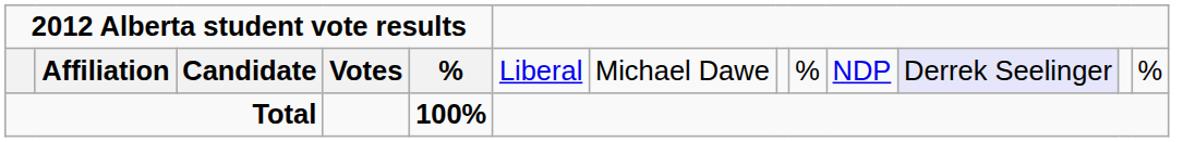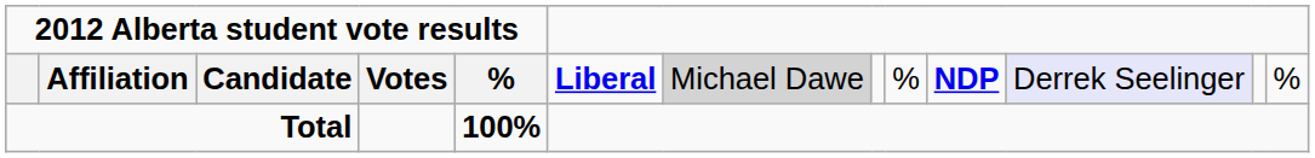 <table class="wikitable">
 <tr>
 <td colspan=5 align=center><strong>2012 Alberta student vote results</strong></td>
 </tr>
 <tr>
 <th style="width: 10px;"></th>
 <th>Affiliation</th>
 <th>Candidate</th>
 <th>Votes</th>
 <th>%<br>  </th>
-<td><a href='#'>Liberal</a></td>
-<td>Michael Dawe</td>
+<td><strong><a href='#'>Liberal</a></strong></td>
+<td style="background: lightgrey;">Michael Dawe</td>
 <td></td>
 <td>%<br></td>
-<td><a href='#'>NDP</a></td>
+<td><strong><a href='#'>NDP</a></strong></td>
 <td style="background: lavender;">Derrek Seelinger</td>
 <td></td>
 <td>%<br></td>
 </tr>
 <tr>
 <td colspan=3 align="right"><strong>Total</strong></td>
 <td><strong> </strong></td>
 <td><strong>100%</strong></td>
 </tr>
 </table>
